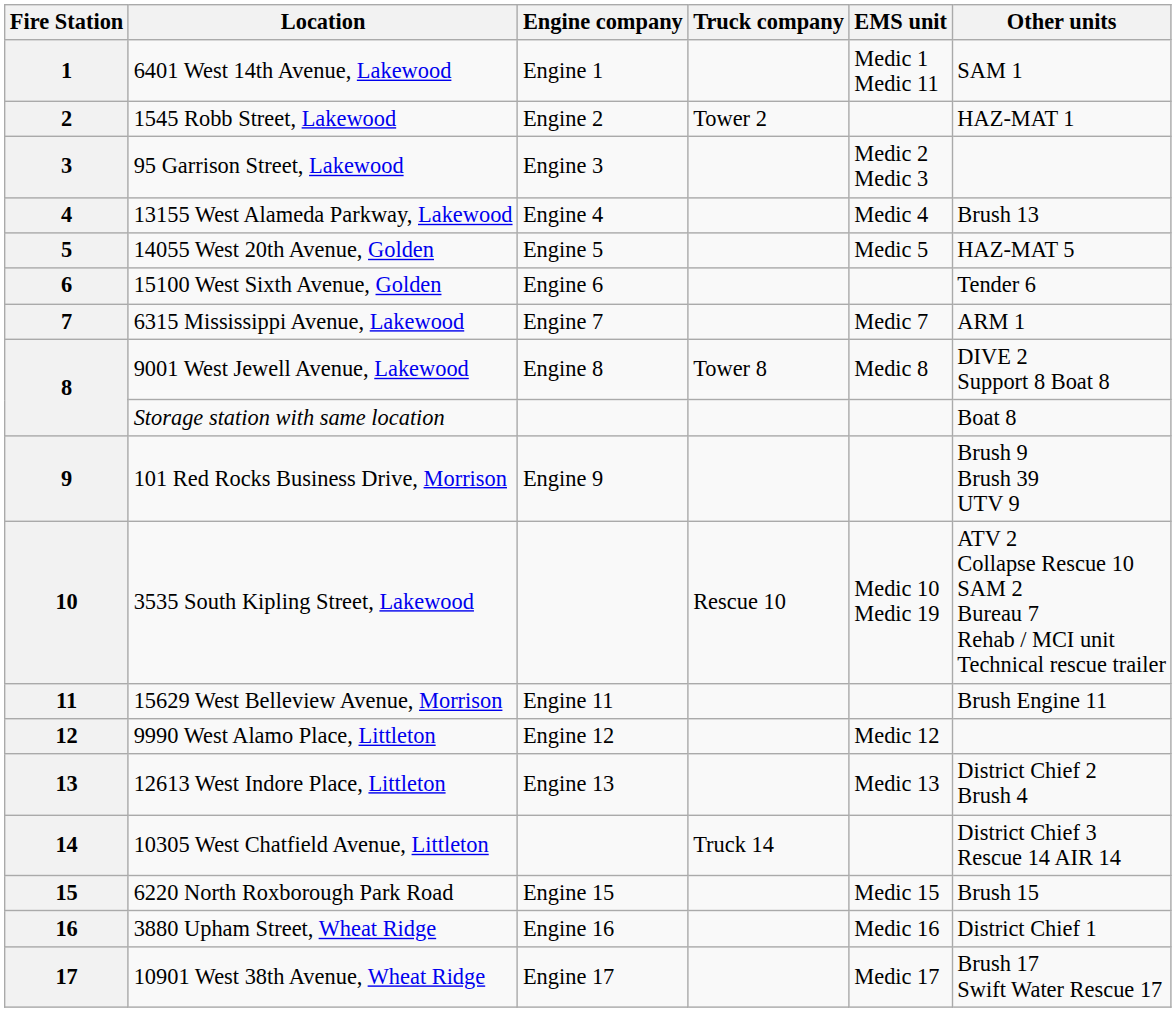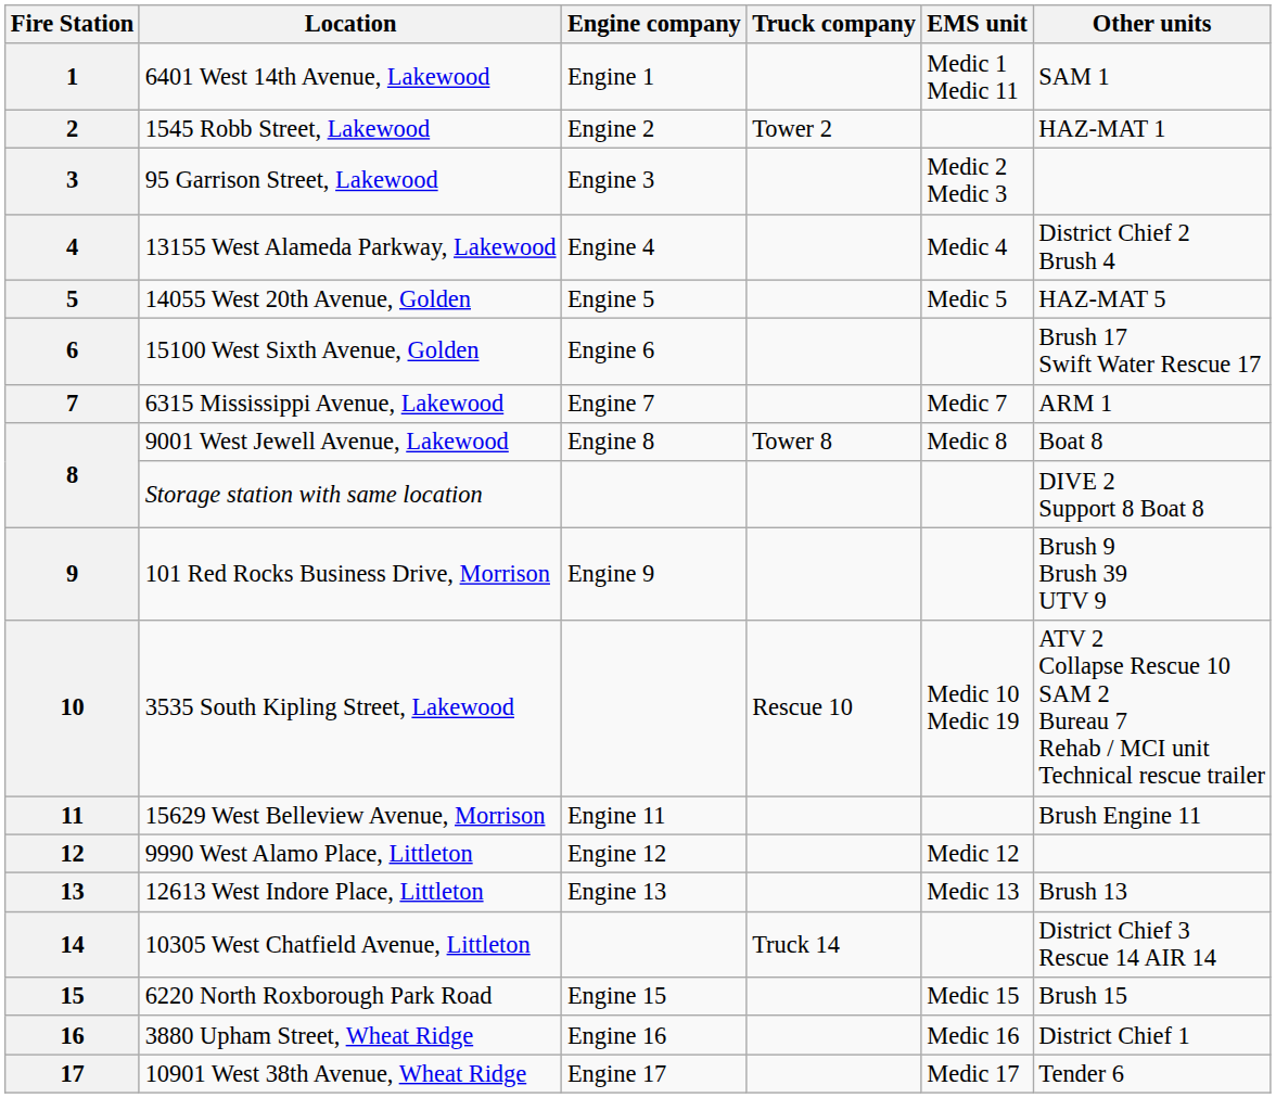 <table class="wikitable">
 <tr>
 <th>Fire Station</th>
 <th>Location</th>
 <th>Engine company</th>
 <th>Truck company</th>
 <th>EMS unit</th>
 <th>Other units</th>
 </tr>
 <tr>
 <th>1</th>
 <td>6401 West 14th Avenue, <a href='#'>Lakewood</a></td>
 <td>Engine 1</td>
 <td></td>
 <td>Medic 1<br>Medic 11</td>
 <td>SAM 1</td>
 </tr>
 <tr>
 <th>2</th>
 <td>1545 Robb Street, <a href='#'>Lakewood</a></td>
 <td>Engine 2</td>
 <td>Tower 2</td>
 <td></td>
 <td>HAZ-MAT 1</td>
 </tr>
 <tr>
 <th>3</th>
 <td>95 Garrison Street, <a href='#'>Lakewood</a></td>
 <td>Engine 3</td>
 <td></td>
 <td>Medic 2<br>Medic 3</td>
 <td></td>
 </tr>
 <tr>
 <th>4</th>
 <td>13155 West Alameda Parkway, <a href='#'>Lakewood</a></td>
 <td>Engine 4</td>
 <td></td>
 <td>Medic 4</td>
-<td>Brush 13</td>
+<td>District Chief 2<br>Brush 4</td>
 </tr>
 <tr>
 <th>5</th>
 <td>14055 West 20th Avenue, <a href='#'>Golden</a></td>
 <td>Engine 5</td>
 <td></td>
 <td>Medic 5</td>
 <td>HAZ-MAT 5</td>
 </tr>
 <tr>
 <th>6</th>
 <td>15100 West Sixth Avenue, <a href='#'>Golden</a></td>
 <td>Engine 6</td>
 <td></td>
 <td></td>
-<td>Tender 6</td>
+<td>Brush 17<br>Swift Water Rescue 17</td>
 </tr>
 <tr>
 <th>7</th>
 <td>6315 Mississippi Avenue, <a href='#'>Lakewood</a></td>
 <td>Engine 7</td>
 <td></td>
 <td>Medic 7</td>
 <td>ARM 1</td>
 </tr>
 <tr>
 <th rowspan="2">8</th>
 <td>9001 West Jewell Avenue, <a href='#'>Lakewood</a></td>
 <td>Engine 8</td>
 <td>Tower 8</td>
 <td>Medic 8</td>
-<td>DIVE 2<br>Support 8 Boat 8</td>
+<td>Boat 8</td>
 </tr>
 <tr>
 <td><em>Storage station with same location</em></td>
 <td></td>
 <td></td>
 <td></td>
-<td>Boat 8</td>
+<td>DIVE 2<br>Support 8 Boat 8</td>
 </tr>
 <tr>
 <th>9</th>
 <td>101 Red Rocks Business Drive, <a href='#'>Morrison</a></td>
 <td>Engine 9</td>
 <td></td>
 <td></td>
 <td>Brush 9<br>Brush 39<br>UTV 9</td>
 </tr>
 <tr>
 <th>10</th>
 <td>3535 South Kipling Street, <a href='#'>Lakewood</a></td>
 <td></td>
 <td>Rescue 10</td>
 <td>Medic 10<br>Medic 19</td>
 <td>ATV 2<br>Collapse Rescue 10<br>SAM 2<br>Bureau 7<br>Rehab / MCI unit<br>Technical rescue trailer</td>
 </tr>
 <tr>
 <th>11</th>
 <td>15629 West Belleview Avenue, <a href='#'>Morrison</a></td>
 <td>Engine 11</td>
 <td></td>
 <td></td>
 <td>Brush Engine 11</td>
 </tr>
 <tr>
 <th>12</th>
 <td>9990 West Alamo Place, <a href='#'>Littleton</a></td>
 <td>Engine 12</td>
 <td></td>
 <td>Medic 12</td>
 <td></td>
 </tr>
 <tr>
 <th>13</th>
 <td>12613 West Indore Place, <a href='#'>Littleton</a></td>
 <td>Engine 13</td>
 <td></td>
 <td>Medic 13</td>
-<td>District Chief 2<br>Brush 4</td>
+<td>Brush 13</td>
 </tr>
 <tr>
 <th>14</th>
 <td>10305 West Chatfield Avenue, <a href='#'>Littleton</a></td>
 <td></td>
 <td>Truck 14</td>
 <td></td>
 <td>District Chief 3<br>Rescue 14 AIR 14</td>
 </tr>
 <tr>
 <th>15</th>
 <td>6220 North Roxborough Park Road</td>
 <td>Engine 15</td>
 <td></td>
 <td>Medic 15</td>
 <td>Brush 15</td>
 </tr>
 <tr>
 <th>16</th>
 <td>3880 Upham Street, <a href='#'>Wheat Ridge</a></td>
 <td>Engine 16</td>
 <td></td>
 <td>Medic 16</td>
 <td>District Chief 1</td>
 </tr>
 <tr>
 <th>17</th>
 <td>10901 West 38th Avenue, <a href='#'>Wheat Ridge</a></td>
 <td>Engine 17</td>
 <td></td>
 <td>Medic 17</td>
-<td>Brush 17<br>Swift Water Rescue 17</td>
+<td>Tender 6</td>
 </tr>
 </table>
